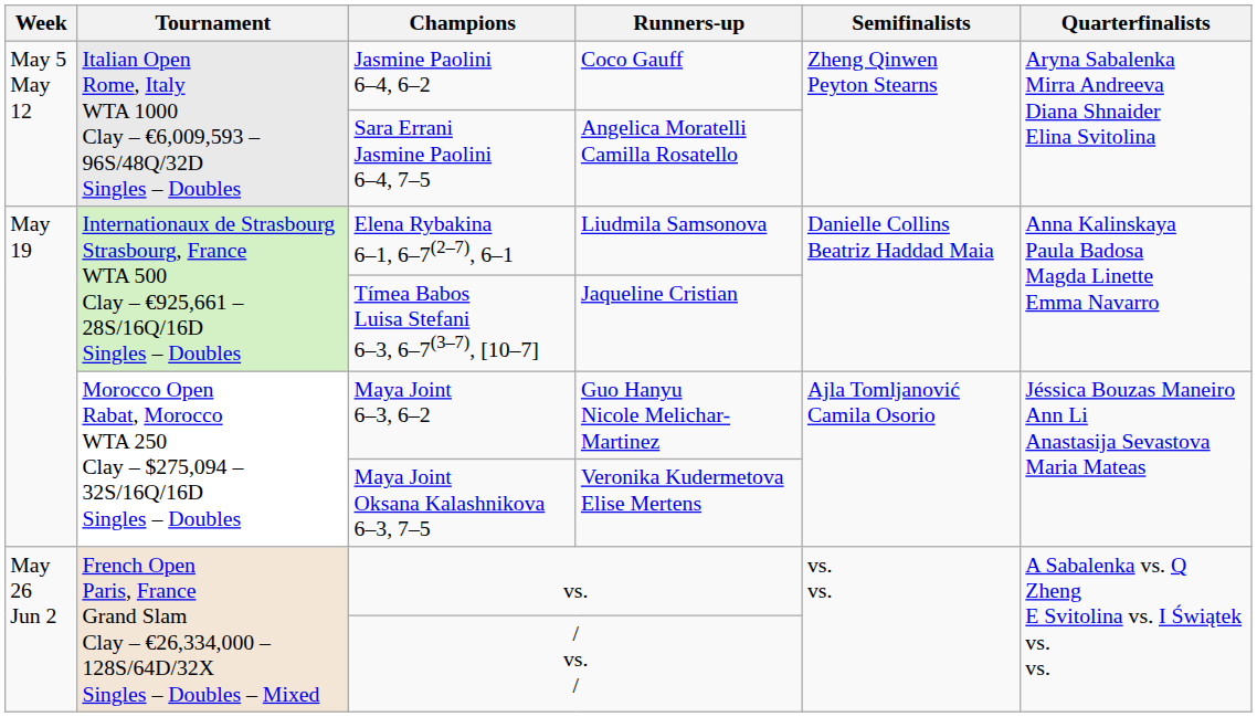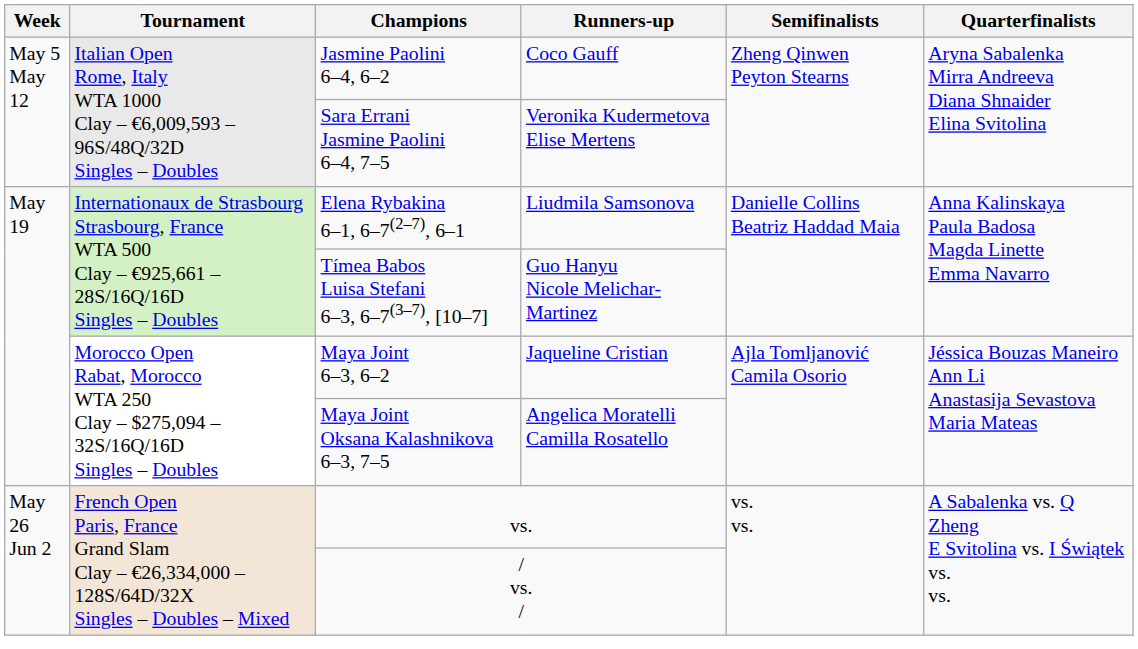 <table class="wikitable" style=font-size:95%>
 <tr>
 <th style="width:48px;">Week</th>
 <th style="width:248px;">Tournament</th>
 <th style="width:200px;">Champions</th>
 <th style="width:200px;">Runners-up</th>
 <th style="width:190px;">Semifinalists</th>
 <th style="width:190px;">Quarterfinalists</th>
 </tr>
 <tr style="vertical-align:top">
 <td rowspan="2">May 5<br>May 12</td>
 <td style="background:#e9e9e9;" rowspan="2"><a href='#'>Italian Open</a><br><a href='#'>Rome</a>, <a href='#'>Italy</a><br>WTA 1000<br>Clay – €6,009,593 – 96S/48Q/32D<br> <a href='#'>Singles</a> – <a href='#'>Doubles</a></td>
 <td> <a href='#'>Jasmine Paolini</a> <br> 6–4, 6–2</td>
 <td> <a href='#'>Coco Gauff</a></td>
 <td rowspan=2> <a href='#'>Zheng Qinwen</a> <br> <a href='#'>Peyton Stearns</a></td>
 <td rowspan=2> <a href='#'>Aryna Sabalenka</a><br> <a href='#'>Mirra Andreeva</a><br>  <a href='#'>Diana Shnaider</a><br> <a href='#'>Elina Svitolina</a></td>
 </tr>
 <tr style="vertical-align:top">
 <td> <a href='#'>Sara Errani</a> <br>  <a href='#'>Jasmine Paolini</a> <br> 6–4, 7–5</td>
-<td> <a href='#'>Angelica Moratelli</a> <br>  <a href='#'>Camilla Rosatello</a></td>
+<td> <a href='#'>Veronika Kudermetova</a> <br>  <a href='#'>Elise Mertens</a></td>
 </tr>
 <tr style="vertical-align:top">
 <td rowspan="4">May 19</td>
 <td style="background:#D4F1C5;" rowspan="2"><a href='#'>Internationaux de Strasbourg</a><br><a href='#'>Strasbourg</a>, <a href='#'>France</a><br>WTA 500<br>Clay – €925,661 – 28S/16Q/16D<br><a href='#'>Singles</a> – <a href='#'>Doubles</a></td>
 <td> <a href='#'>Elena Rybakina</a> <br> 6–1, 6–7<sup>(2–7)</sup>, 6–1</td>
 <td> <a href='#'>Liudmila Samsonova</a></td>
 <td rowspan="2"> <a href='#'>Danielle Collins</a> <br>  <a href='#'>Beatriz Haddad Maia</a></td>
 <td rowspan="2">  <a href='#'>Anna Kalinskaya</a> <br>  <a href='#'>Paula Badosa</a> <br>  <a href='#'>Magda Linette</a> <br>  <a href='#'>Emma Navarro</a></td>
 </tr>
 <tr style="vertical-align:top">
 <td> <a href='#'>Tímea Babos</a> <br>  <a href='#'>Luisa Stefani</a> <br> 6–3, 6–7<sup>(3–7)</sup>, [10–7]</td>
-<td> <a href='#'>Jaqueline Cristian</a></td>
+<td> <a href='#'>Guo Hanyu</a> <br>  <a href='#'>Nicole Melichar-Martinez</a></td>
 </tr>
 <tr style="vertical-align:top">
 <td style="background:#fff;" rowspan="2"><a href='#'>Morocco Open</a><br><a href='#'>Rabat</a>, <a href='#'>Morocco</a><br>WTA 250<br>Clay – $275,094 – 32S/16Q/16D<br><a href='#'>Singles</a> – <a href='#'>Doubles</a></td>
 <td> <a href='#'>Maya Joint</a> <br> 6–3, 6–2</td>
-<td> <a href='#'>Guo Hanyu</a> <br>  <a href='#'>Nicole Melichar-Martinez</a></td>
+<td> <a href='#'>Jaqueline Cristian</a></td>
 <td rowspan=2> <a href='#'>Ajla Tomljanović</a> <br>  <a href='#'>Camila Osorio</a></td>
 <td rowspan="2"> <a href='#'>Jéssica Bouzas Maneiro</a> <br>  <a href='#'>Ann Li</a> <br>  <a href='#'>Anastasija Sevastova</a> <br>  <a href='#'>Maria Mateas</a></td>
 </tr>
 <tr style="vertical-align:top">
 <td> <a href='#'>Maya Joint</a> <br>  <a href='#'>Oksana Kalashnikova</a> <br> 6–3, 7–5</td>
-<td> <a href='#'>Veronika Kudermetova</a> <br>  <a href='#'>Elise Mertens</a></td>
+<td> <a href='#'>Angelica Moratelli</a> <br>  <a href='#'>Camilla Rosatello</a></td>
 </tr>
 <tr style="vertical-align:top">
 <td rowspan="2">May 26<br>Jun 2</td>
 <td style="background:#F3E6D7;" rowspan="2"><a href='#'>French Open</a><br><a href='#'>Paris</a>, <a href='#'>France</a><br>Grand Slam<br>Clay – €26,334,000 – 128S/64D/32X<br><a href='#'>Singles</a> – <a href='#'>Doubles</a> – <a href='#'>Mixed</a></td>
 <td colspan="2" align=center> <br> vs. <br> </td>
 <td rowspan="2"> vs.  <br>  vs. </td>
 <td rowspan="2"> <a href='#'>A Sabalenka</a> vs.  <a href='#'>Q Zheng</a> <br>  <a href='#'>E Svitolina</a> vs.  <a href='#'>I Świątek</a> <br>  vs.  <br>  vs. </td>
 </tr>
 <tr style="vertical-align:top">
 <td colspan="2" align=center> / <br>vs.<br> / </td>
 </tr>
 </table>
